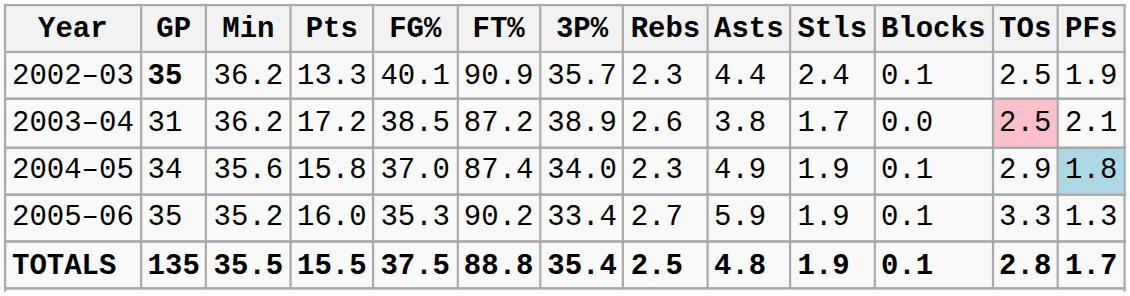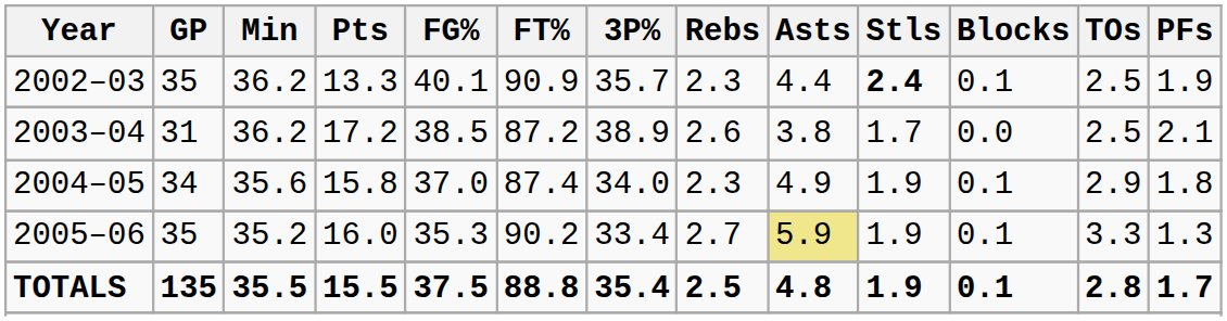 <table class="wikitable">
 <tr>
 <th>Year</th>
 <th>GP</th>
 <th>Min</th>
 <th>Pts</th>
 <th>FG%</th>
 <th>FT%</th>
 <th>3P%</th>
 <th>Rebs</th>
 <th>Asts</th>
 <th>Stls</th>
 <th>Blocks</th>
 <th>TOs</th>
 <th>PFs</th>
 </tr>
 <tr>
 <td>2002–03</td>
-<td><strong>35</strong></td>
+<td>35</td>
 <td>36.2</td>
 <td>13.3</td>
 <td>40.1</td>
 <td>90.9</td>
 <td>35.7</td>
 <td>2.3</td>
 <td>4.4</td>
-<td>2.4</td>
+<td><strong>2.4</strong></td>
 <td>0.1</td>
 <td>2.5</td>
 <td>1.9</td>
 </tr>
 <tr>
 </tr>
 <tr>
 <td>2003–04</td>
 <td>31</td>
 <td>36.2</td>
 <td>17.2</td>
 <td>38.5</td>
 <td>87.2</td>
 <td>38.9</td>
 <td>2.6</td>
 <td>3.8</td>
 <td>1.7</td>
 <td>0.0</td>
-<td style="background: pink;">2.5</td>
+<td>2.5</td>
 <td>2.1</td>
 </tr>
 <tr>
 </tr>
 <tr>
 <td>2004–05</td>
 <td>34</td>
 <td>35.6</td>
 <td>15.8</td>
 <td>37.0</td>
 <td>87.4</td>
 <td>34.0</td>
 <td>2.3</td>
 <td>4.9</td>
 <td>1.9</td>
 <td>0.1</td>
 <td>2.9</td>
-<td style="background: lightblue;">1.8</td>
+<td>1.8</td>
 </tr>
 <tr>
 </tr>
 <tr>
 <td>2005–06</td>
 <td>35</td>
 <td>35.2</td>
 <td>16.0</td>
 <td>35.3</td>
 <td>90.2</td>
 <td>33.4</td>
 <td>2.7</td>
-<td>5.9</td>
+<td style="background: khaki;">5.9</td>
 <td>1.9</td>
 <td>0.1</td>
 <td>3.3</td>
 <td>1.3</td>
 </tr>
 <tr>
 </tr>
 <tr>
 <td><strong>TOTALS</strong></td>
 <td><strong>135</strong></td>
 <td><strong>35.5</strong></td>
 <td><strong>15.5</strong></td>
 <td><strong>37.5</strong></td>
 <td><strong>88.8</strong></td>
 <td><strong>35.4</strong></td>
 <td><strong>2.5</strong></td>
 <td><strong>4.8</strong></td>
 <td><strong>1.9</strong></td>
 <td><strong>0.1</strong></td>
 <td><strong>2.8</strong></td>
 <td><strong>1.7</strong></td>
 </tr>
 <tr>
 </tr>
 <tr>
 </tr>
 </table>
